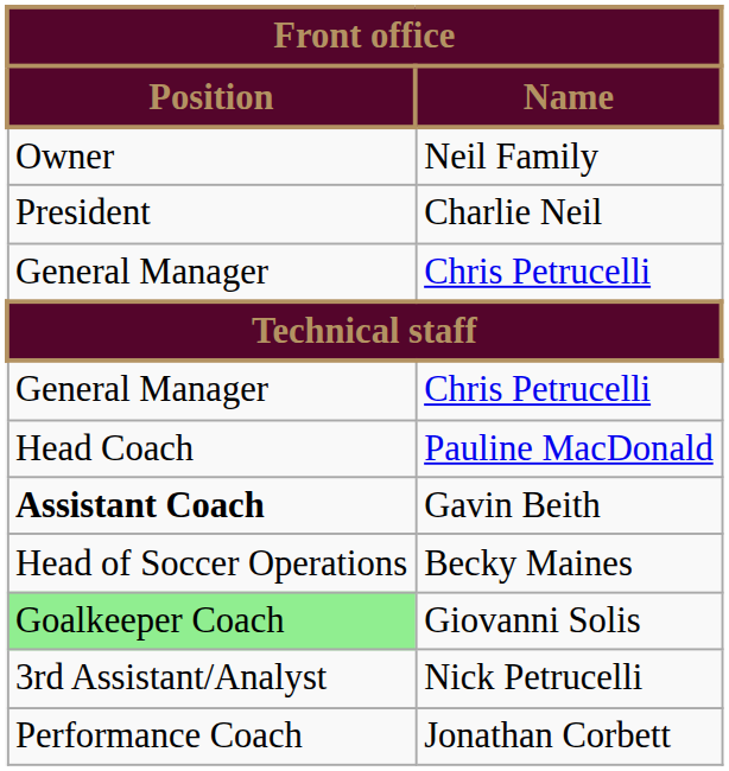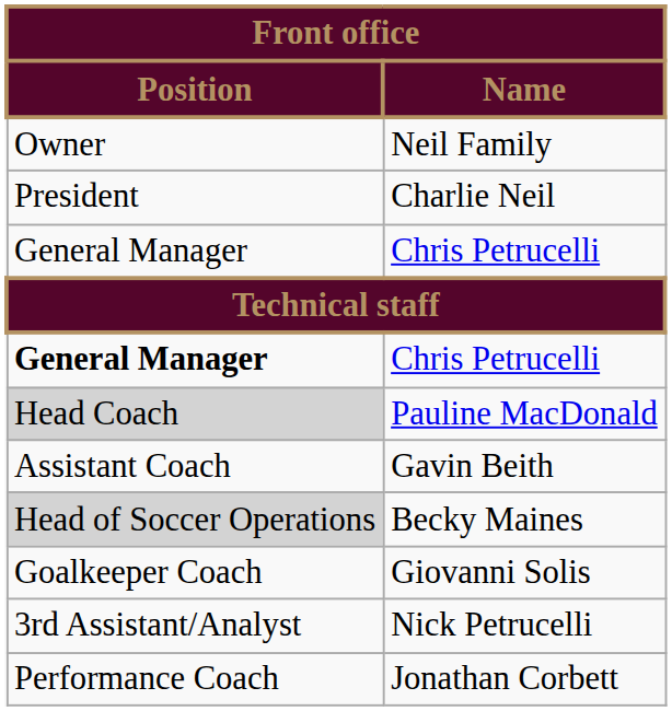 <table class="wikitable">
 <tr>
 <th colspan="2" style="background:#54052B; color:#B39262; border:2px solid #B39262;">Front office</th>
 </tr>
 <tr>
 <th style="background:#54052B; color:#B39262; border:2px solid #B39262;">Position</th>
 <th style="background:#54052B; color:#B39262; border:2px solid #B39262;">Name</th>
 </tr>
 <tr>
 <td>Owner</td>
 <td> Neil Family</td>
 </tr>
 <tr>
 <td>President</td>
 <td> Charlie Neil</td>
 </tr>
 <tr>
 <td>General Manager</td>
 <td> <a href='#'>Chris Petrucelli</a></td>
 </tr>
 <tr>
 <th style="background:#54052B; color:#B39262; border:2px solid #B39262;" colspan="2">Technical staff</th>
 </tr>
 <tr>
-<td>General Manager</td>
+<td><strong>General Manager</strong></td>
 <td> <a href='#'>Chris Petrucelli</a></td>
 </tr>
 <tr>
-<td>Head Coach</td>
+<td style="background: lightgrey;">Head Coach</td>
 <td> <a href='#'>Pauline MacDonald</a></td>
 </tr>
 <tr>
-<td><strong>Assistant Coach</strong></td>
+<td>Assistant Coach</td>
 <td>Gavin Beith</td>
 </tr>
 <tr>
-<td>Head of Soccer Operations</td>
+<td style="background: lightgrey;">Head of Soccer Operations</td>
 <td>Becky Maines</td>
 </tr>
 <tr>
-<td style="background: lightgreen;">Goalkeeper Coach</td>
+<td>Goalkeeper Coach</td>
 <td>Giovanni Solis</td>
 </tr>
 <tr>
 <td>3rd Assistant/Analyst</td>
 <td>Nick Petrucelli</td>
 </tr>
 <tr>
 <td>Performance Coach</td>
 <td>Jonathan Corbett</td>
 </tr>
 </table>
